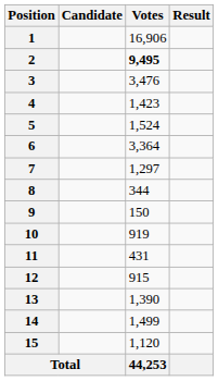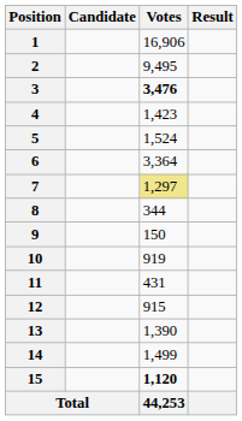 <table class="wikitable sortable col3right">
 <tr>
 <th scope="col">Position</th>
 <th scope="col">Candidate</th>
 <th scope="col">Votes</th>
 <th scope="col">Result</th>
 </tr>
 <tr>
 <th scope="row">1</th>
 <td></td>
 <td>16,906</td>
 <td></td>
 </tr>
 <tr>
 <th scope="row">2</th>
 <td></td>
-<td><strong>9,495</strong></td>
+<td>9,495</td>
 <td></td>
 </tr>
 <tr>
 <th scope="row">3</th>
 <td></td>
-<td>3,476</td>
+<td><strong>3,476</strong></td>
 <td></td>
 </tr>
 <tr>
 <th scope="row">4</th>
 <td></td>
 <td>1,423</td>
 <td></td>
 </tr>
 <tr>
 <th scope="row">5</th>
 <td></td>
 <td>1,524</td>
 <td></td>
 </tr>
 <tr>
 <th scope="row">6</th>
 <td></td>
 <td>3,364</td>
 <td></td>
 </tr>
 <tr>
 <th scope="row">7</th>
 <td></td>
-<td>1,297</td>
+<td style="background: khaki;">1,297</td>
 <td></td>
 </tr>
 <tr>
 <th scope="row">8</th>
 <td></td>
 <td>344</td>
 <td></td>
 </tr>
 <tr>
 <th scope="row">9</th>
 <td></td>
 <td>150</td>
 <td></td>
 </tr>
 <tr>
 <th scope="row">10</th>
 <td></td>
 <td>919</td>
 <td></td>
 </tr>
 <tr>
 <th scope="row">11</th>
 <td></td>
 <td>431</td>
 <td></td>
 </tr>
 <tr>
 <th scope="row">12</th>
 <td></td>
 <td>915</td>
 <td></td>
 </tr>
 <tr>
 <th scope="row">13</th>
 <td></td>
 <td>1,390</td>
 <td></td>
 </tr>
 <tr>
 <th scope="row">14</th>
 <td></td>
 <td>1,499</td>
 <td></td>
 </tr>
 <tr>
 <th scope="row">15</th>
 <td></td>
-<td>1,120</td>
+<td><strong>1,120</strong></td>
 <td></td>
 </tr>
 <tr class=sortbottom>
 <th scope="row" colspan="2">Total</th>
 <th style="text-align:right">44,253</th>
 <th></th>
 </tr>
 </table>
